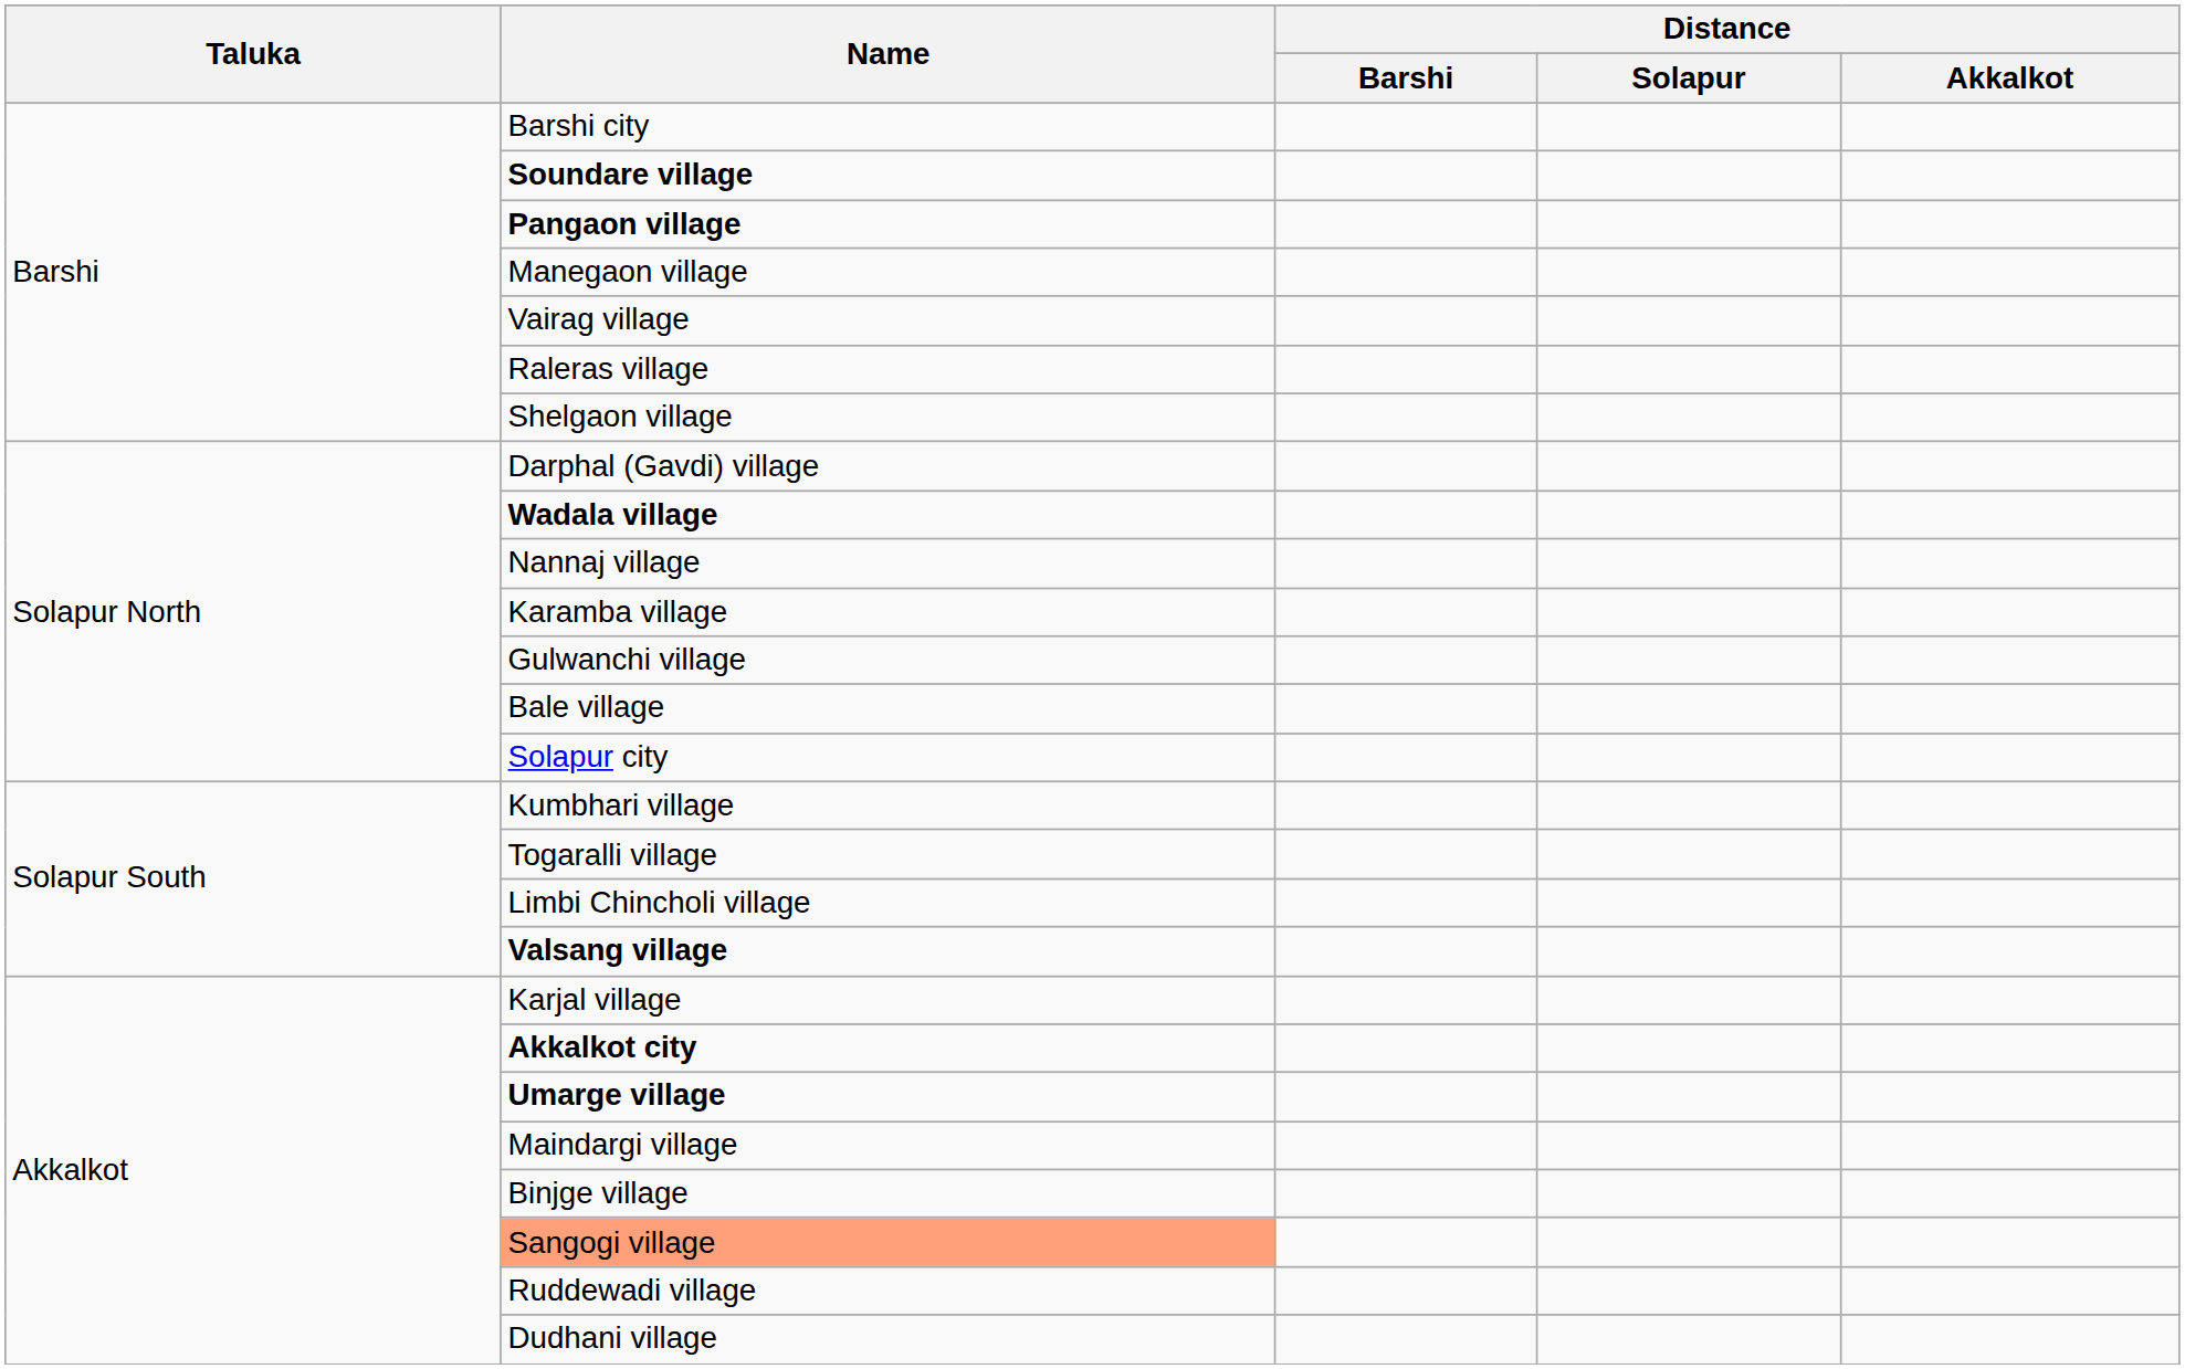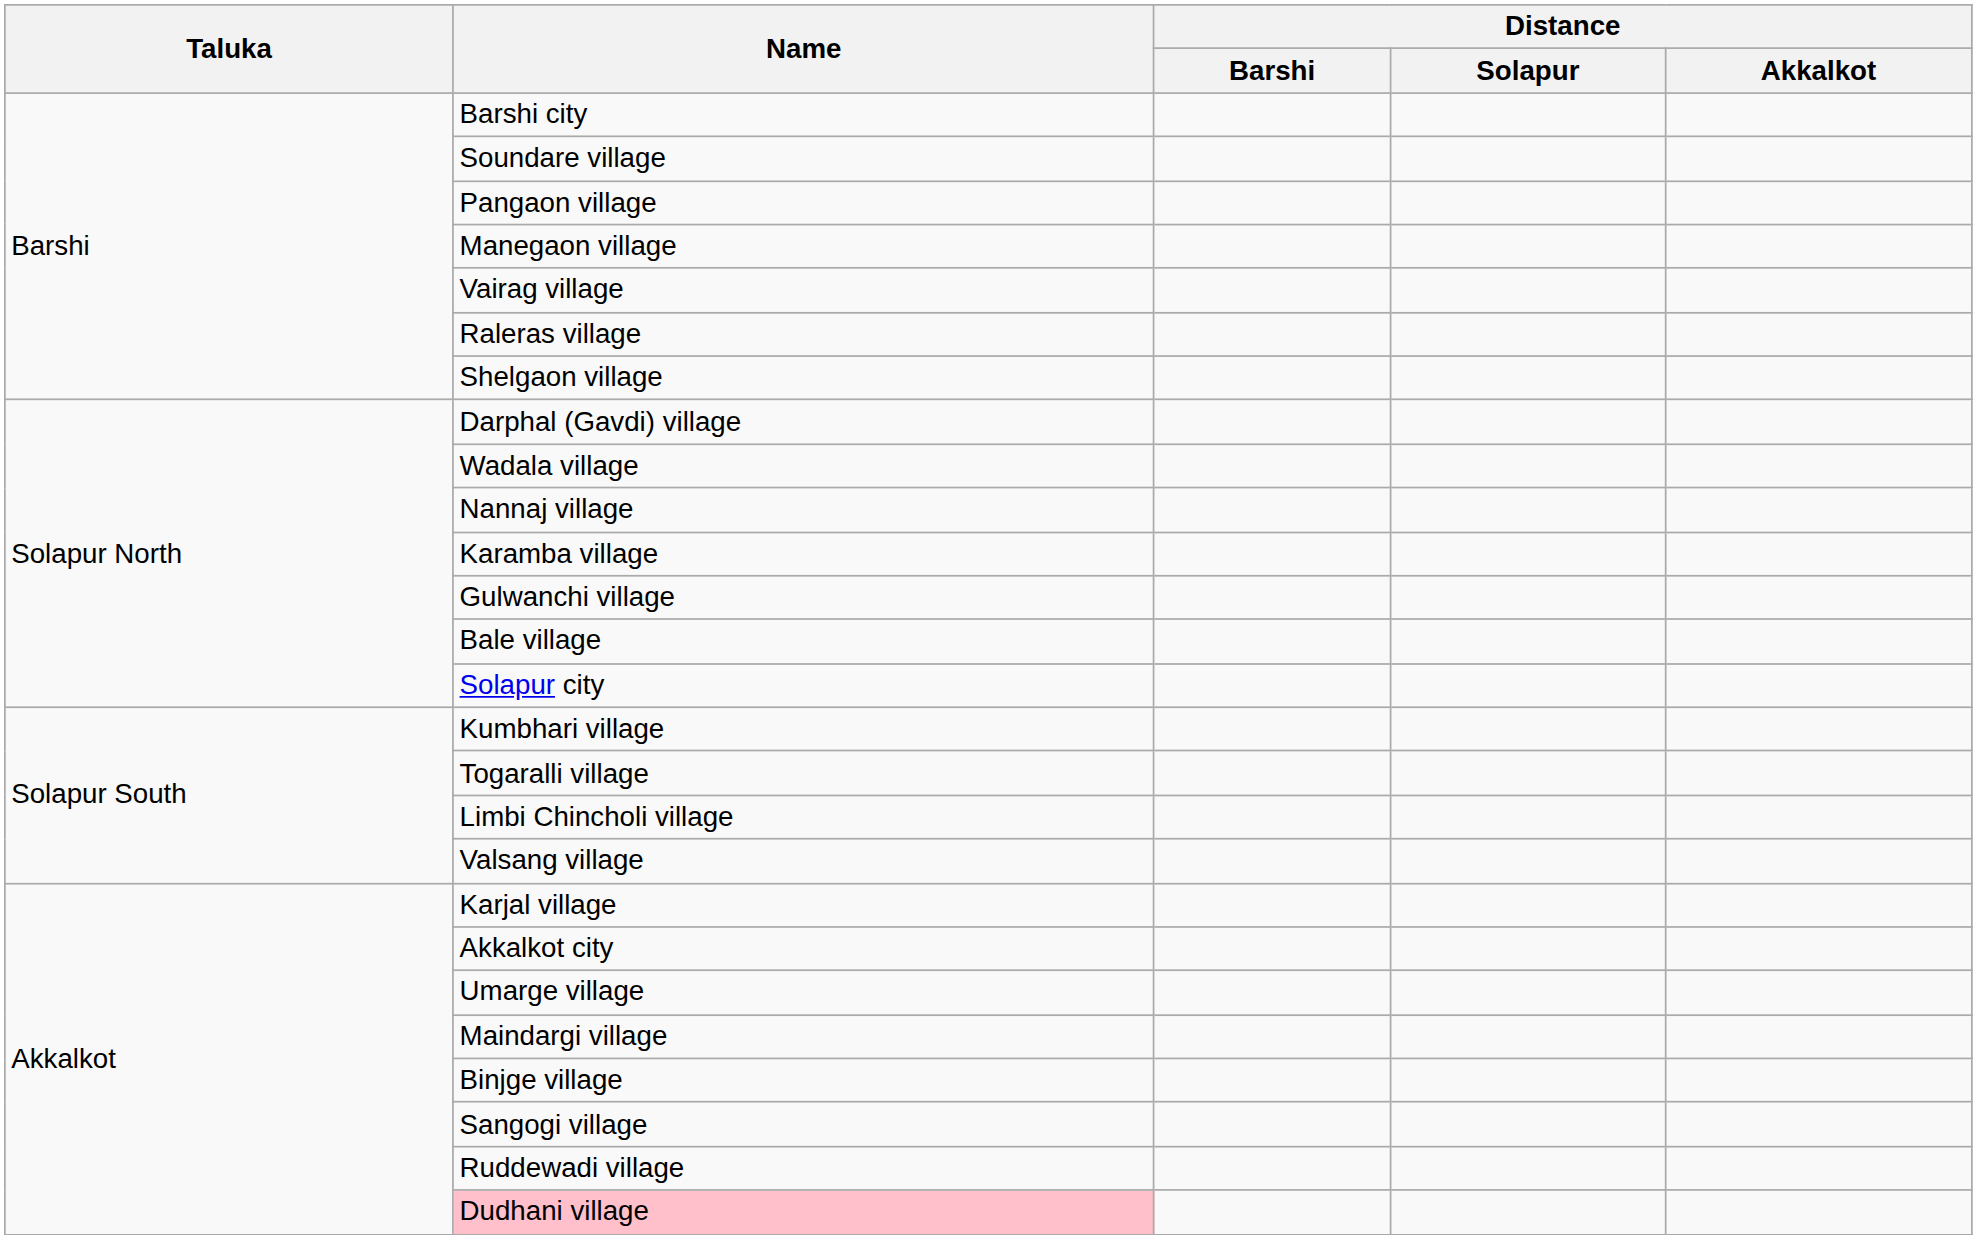 <table class="wikitable" border="1" width="90%">
 <tr>
 <th rowspan="2">Taluka</th>
 <th rowspan="2">Name</th>
 <th colspan="3">Distance</th>
 </tr>
 <tr>
 <th>Barshi</th>
 <th>Solapur</th>
 <th>Akkalkot</th>
 </tr>
 <tr>
 <td rowspan="7">Barshi</td>
 <td>Barshi city</td>
 <td></td>
 <td></td>
 <td></td>
 </tr>
 <tr>
-<td><strong>Soundare village</strong></td>
+<td>Soundare village</td>
 <td></td>
 <td></td>
 <td></td>
 </tr>
 <tr>
-<td><strong>Pangaon village</strong></td>
+<td>Pangaon village</td>
 <td></td>
 <td></td>
 <td></td>
 </tr>
 <tr>
 <td>Manegaon village</td>
 <td></td>
 <td></td>
 <td></td>
 </tr>
 <tr>
 <td>Vairag village</td>
 <td></td>
 <td></td>
 <td></td>
 </tr>
 <tr>
 <td>Raleras village</td>
 <td></td>
 <td></td>
 <td></td>
 </tr>
 <tr>
 <td>Shelgaon village</td>
 <td></td>
 <td></td>
 <td></td>
 </tr>
 <tr>
 <td rowspan="7">Solapur North</td>
 <td>Darphal (Gavdi) village</td>
 <td></td>
 <td></td>
 <td></td>
 </tr>
 <tr>
-<td><strong>Wadala village</strong></td>
+<td>Wadala village</td>
 <td></td>
 <td></td>
 <td></td>
 </tr>
 <tr>
 <td>Nannaj village</td>
 <td></td>
 <td></td>
 <td></td>
 </tr>
 <tr>
 <td>Karamba village</td>
 <td></td>
 <td></td>
 <td></td>
 </tr>
 <tr>
 <td>Gulwanchi village</td>
 <td></td>
 <td></td>
 <td></td>
 </tr>
 <tr>
 <td>Bale village</td>
 <td></td>
 <td></td>
 <td></td>
 </tr>
 <tr>
 <td><a href='#'>Solapur</a> city</td>
 <td></td>
 <td></td>
 <td></td>
 </tr>
 <tr>
 <td rowspan="4">Solapur South</td>
 <td>Kumbhari village</td>
 <td></td>
 <td></td>
 <td></td>
 </tr>
 <tr>
 <td>Togaralli village</td>
 <td></td>
 <td></td>
 <td></td>
 </tr>
 <tr>
 <td>Limbi Chincholi village</td>
 <td></td>
 <td></td>
 <td></td>
 </tr>
 <tr>
-<td><strong>Valsang village</strong></td>
+<td>Valsang village</td>
 <td></td>
 <td></td>
 <td></td>
 </tr>
 <tr>
 <td rowspan="8">Akkalkot</td>
 <td>Karjal village</td>
 <td></td>
 <td></td>
 <td></td>
 </tr>
 <tr>
-<td><strong>Akkalkot city</strong></td>
+<td>Akkalkot city</td>
 <td></td>
 <td></td>
 <td></td>
 </tr>
 <tr>
-<td><strong>Umarge village</strong></td>
+<td>Umarge village</td>
 <td></td>
 <td></td>
 <td></td>
 </tr>
 <tr>
 <td>Maindargi village</td>
 <td></td>
 <td></td>
 <td></td>
 </tr>
 <tr>
 <td>Binjge village</td>
 <td></td>
 <td></td>
 <td></td>
 </tr>
 <tr>
-<td style="background: lightsalmon;">Sangogi village</td>
+<td>Sangogi village</td>
 <td></td>
 <td></td>
 <td></td>
 </tr>
 <tr>
 <td>Ruddewadi village</td>
 <td></td>
 <td></td>
 <td></td>
 </tr>
 <tr>
-<td>Dudhani village</td>
+<td style="background: pink;">Dudhani village</td>
 <td></td>
 <td></td>
 <td></td>
 </tr>
 <tr>
 </tr>
 </table>
